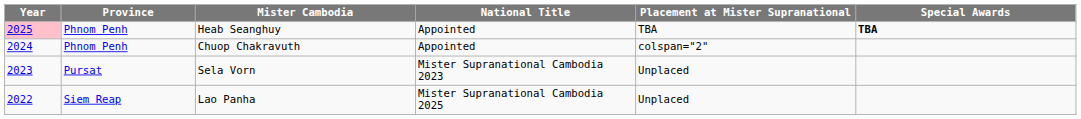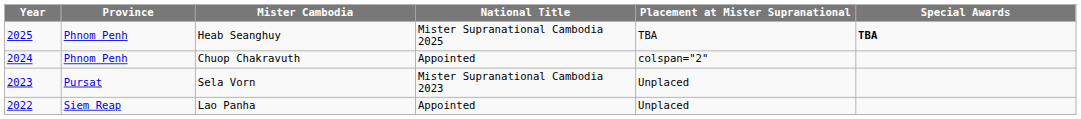 <table class="wikitable " style="font-size: 95%;">
 <tr>
 <th width="60" style="background-color:#787878;color:#FFFFFF;">Year</th>
 <th width="150" style="background-color:#787878;color:#FFFFFF;">Province</th>
 <th width="250" style="background-color:#787878;color:#FFFFFF;">Mister Cambodia</th>
 <th width="250" style="background-color:#787878;color:#FFFFFF;">National Title</th>
 <th width="250" style="background-color:#787878;color:#FFFFFF;">Placement at Mister Supranational</th>
 <th width="250" style="background-color:#787878;color:#FFFFFF;">Special Awards</th>
 </tr>
 <tr>
-<td style="background: pink;"><a href='#'>2025</a></td>
+<td><a href='#'>2025</a></td>
 <td><a href='#'>Phnom Penh</a></td>
 <td>Heab Seanghuy</td>
-<td>Appointed</td>
+<td>Mister Supranational Cambodia 2025</td>
 <td>TBA</td>
 <td><strong>TBA</strong></td>
 </tr>
 <tr>
 <td><a href='#'>2024</a></td>
 <td><a href='#'>Phnom Penh</a></td>
 <td>Chuop Chakravuth</td>
 <td>Appointed</td>
 <td>colspan="2" </td>
 </tr>
 <tr>
 <td><a href='#'>2023</a></td>
 <td><a href='#'>Pursat</a></td>
 <td>Sela Vorn</td>
 <td>Mister Supranational Cambodia 2023</td>
 <td>Unplaced</td>
 <td></td>
 </tr>
 <tr>
 <td><a href='#'>2022</a></td>
 <td><a href='#'>Siem Reap</a></td>
 <td>Lao Panha</td>
-<td>Mister Supranational Cambodia 2025</td>
+<td>Appointed</td>
 <td>Unplaced</td>
 <td></td>
 </tr>
 </table>
